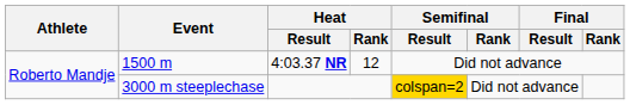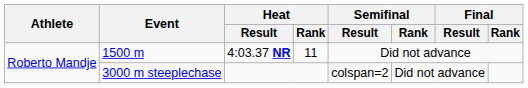 <table class=wikitable style="font-size:90%">
 <tr>
 <th rowspan="2">Athlete</th>
 <th rowspan="2">Event</th>
 <th colspan="2">Heat</th>
 <th colspan="2">Semifinal</th>
 <th colspan="2">Final</th>
 </tr>
 <tr style="font-size:95%">
 <th>Result</th>
 <th>Rank</th>
 <th>Result</th>
 <th>Rank</th>
 <th>Result</th>
 <th>Rank</th>
 </tr>
 <tr align=center>
 <td align=left rowspan=2><a href='#'>Roberto Mandje</a></td>
 <td align=left><a href='#'>1500 m</a></td>
 <td>4:03.37 <strong><a href='#'>NR</a></strong></td>
-<td>12</td>
+<td>11</td>
 <td colspan=4>Did not advance</td>
 </tr>
 <tr align=center>
 <td align=left><a href='#'>3000 m steeplechase</a></td>
 <td colspan=2></td>
-<td style="background: gold;">colspan=2 </td>
+<td>colspan=2 </td>
 <td colspan=2>Did not advance</td>
 </tr>
 </table>
